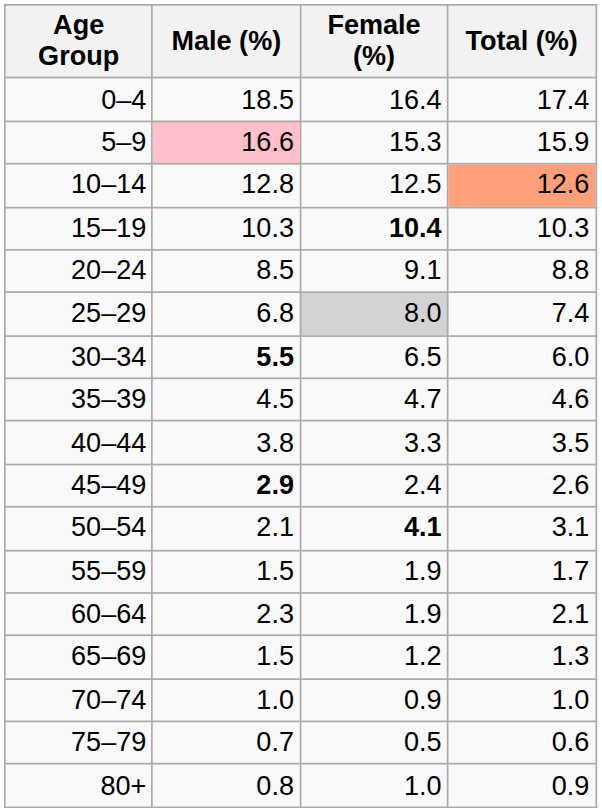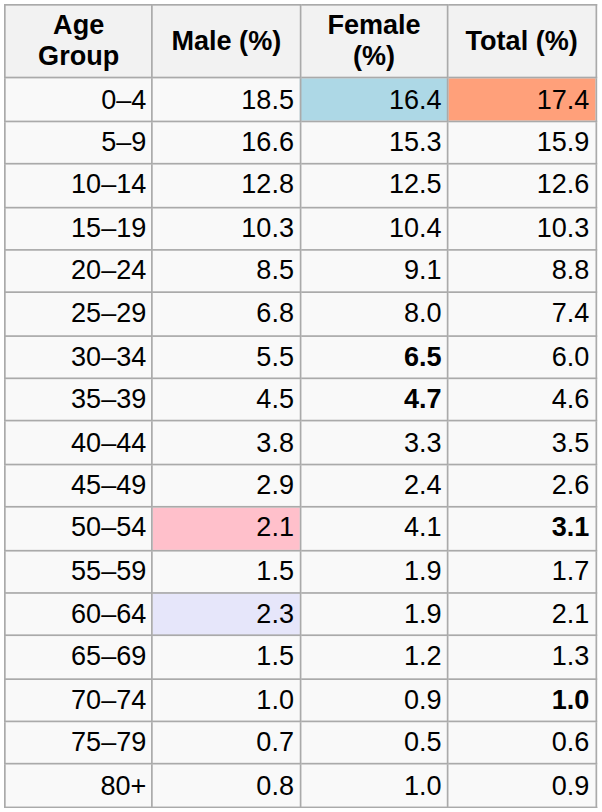 <table class="wikitable">
 <tr>
 <th width="80pt">Age Group</th>
 <th width="80pt">Male (%)</th>
 <th width="80pt">Female (%)</th>
 <th width="80pt">Total (%)</th>
 </tr>
 <tr>
 <td align="right">0–4</td>
 <td align="right">18.5</td>
-<td align="right">16.4</td>
-<td align="right">17.4</td>
+<td align="right" style="background: lightblue;">16.4</td>
+<td align="right" style="background: lightsalmon;">17.4</td>
 </tr>
 <tr>
 <td align="right">5–9</td>
-<td align="right" style="background: pink;">16.6</td>
+<td align="right">16.6</td>
 <td align="right">15.3</td>
 <td align="right">15.9</td>
 </tr>
 <tr>
 <td align="right">10–14</td>
 <td align="right">12.8</td>
 <td align="right">12.5</td>
-<td align="right" style="background: lightsalmon;">12.6</td>
+<td align="right">12.6</td>
 </tr>
 <tr>
 <td align="right">15–19</td>
 <td align="right">10.3</td>
-<td align="right"><strong>10.4</strong></td>
+<td align="right">10.4</td>
 <td align="right">10.3</td>
 </tr>
 <tr>
 <td align="right">20–24</td>
 <td align="right">8.5</td>
 <td align="right">9.1</td>
 <td align="right">8.8</td>
 </tr>
 <tr>
 <td align="right">25–29</td>
 <td align="right">6.8</td>
-<td align="right" style="background: lightgrey;">8.0</td>
+<td align="right">8.0</td>
 <td align="right">7.4</td>
 </tr>
 <tr>
 <td align="right">30–34</td>
-<td align="right"><strong>5.5</strong></td>
-<td align="right">6.5</td>
+<td align="right">5.5</td>
+<td align="right"><strong>6.5</strong></td>
 <td align="right">6.0</td>
 </tr>
 <tr>
 <td align="right">35–39</td>
 <td align="right">4.5</td>
-<td align="right">4.7</td>
+<td align="right"><strong>4.7</strong></td>
 <td align="right">4.6</td>
 </tr>
 <tr>
 <td align="right">40–44</td>
 <td align="right">3.8</td>
 <td align="right">3.3</td>
 <td align="right">3.5</td>
 </tr>
 <tr>
 <td align="right">45–49</td>
-<td align="right"><strong>2.9</strong></td>
+<td align="right">2.9</td>
 <td align="right">2.4</td>
 <td align="right">2.6</td>
 </tr>
 <tr>
 <td align="right">50–54</td>
-<td align="right">2.1</td>
-<td align="right"><strong>4.1</strong></td>
-<td align="right">3.1</td>
+<td align="right" style="background: pink;">2.1</td>
+<td align="right">4.1</td>
+<td align="right"><strong>3.1</strong></td>
 </tr>
 <tr>
 <td align="right">55–59</td>
 <td align="right">1.5</td>
 <td align="right">1.9</td>
 <td align="right">1.7</td>
 </tr>
 <tr>
 <td align="right">60–64</td>
-<td align="right">2.3</td>
+<td align="right" style="background: lavender;">2.3</td>
 <td align="right">1.9</td>
 <td align="right">2.1</td>
 </tr>
 <tr>
 <td align="right">65–69</td>
 <td align="right">1.5</td>
 <td align="right">1.2</td>
 <td align="right">1.3</td>
 </tr>
 <tr>
 <td align="right">70–74</td>
 <td align="right">1.0</td>
 <td align="right">0.9</td>
-<td align="right">1.0</td>
+<td align="right"><strong>1.0</strong></td>
 </tr>
 <tr>
 <td align="right">75–79</td>
 <td align="right">0.7</td>
 <td align="right">0.5</td>
 <td align="right">0.6</td>
 </tr>
 <tr>
 <td align="right">80+</td>
 <td align="right">0.8</td>
 <td align="right">1.0</td>
 <td align="right">0.9</td>
 </tr>
 <tr>
 </tr>
 </table>
